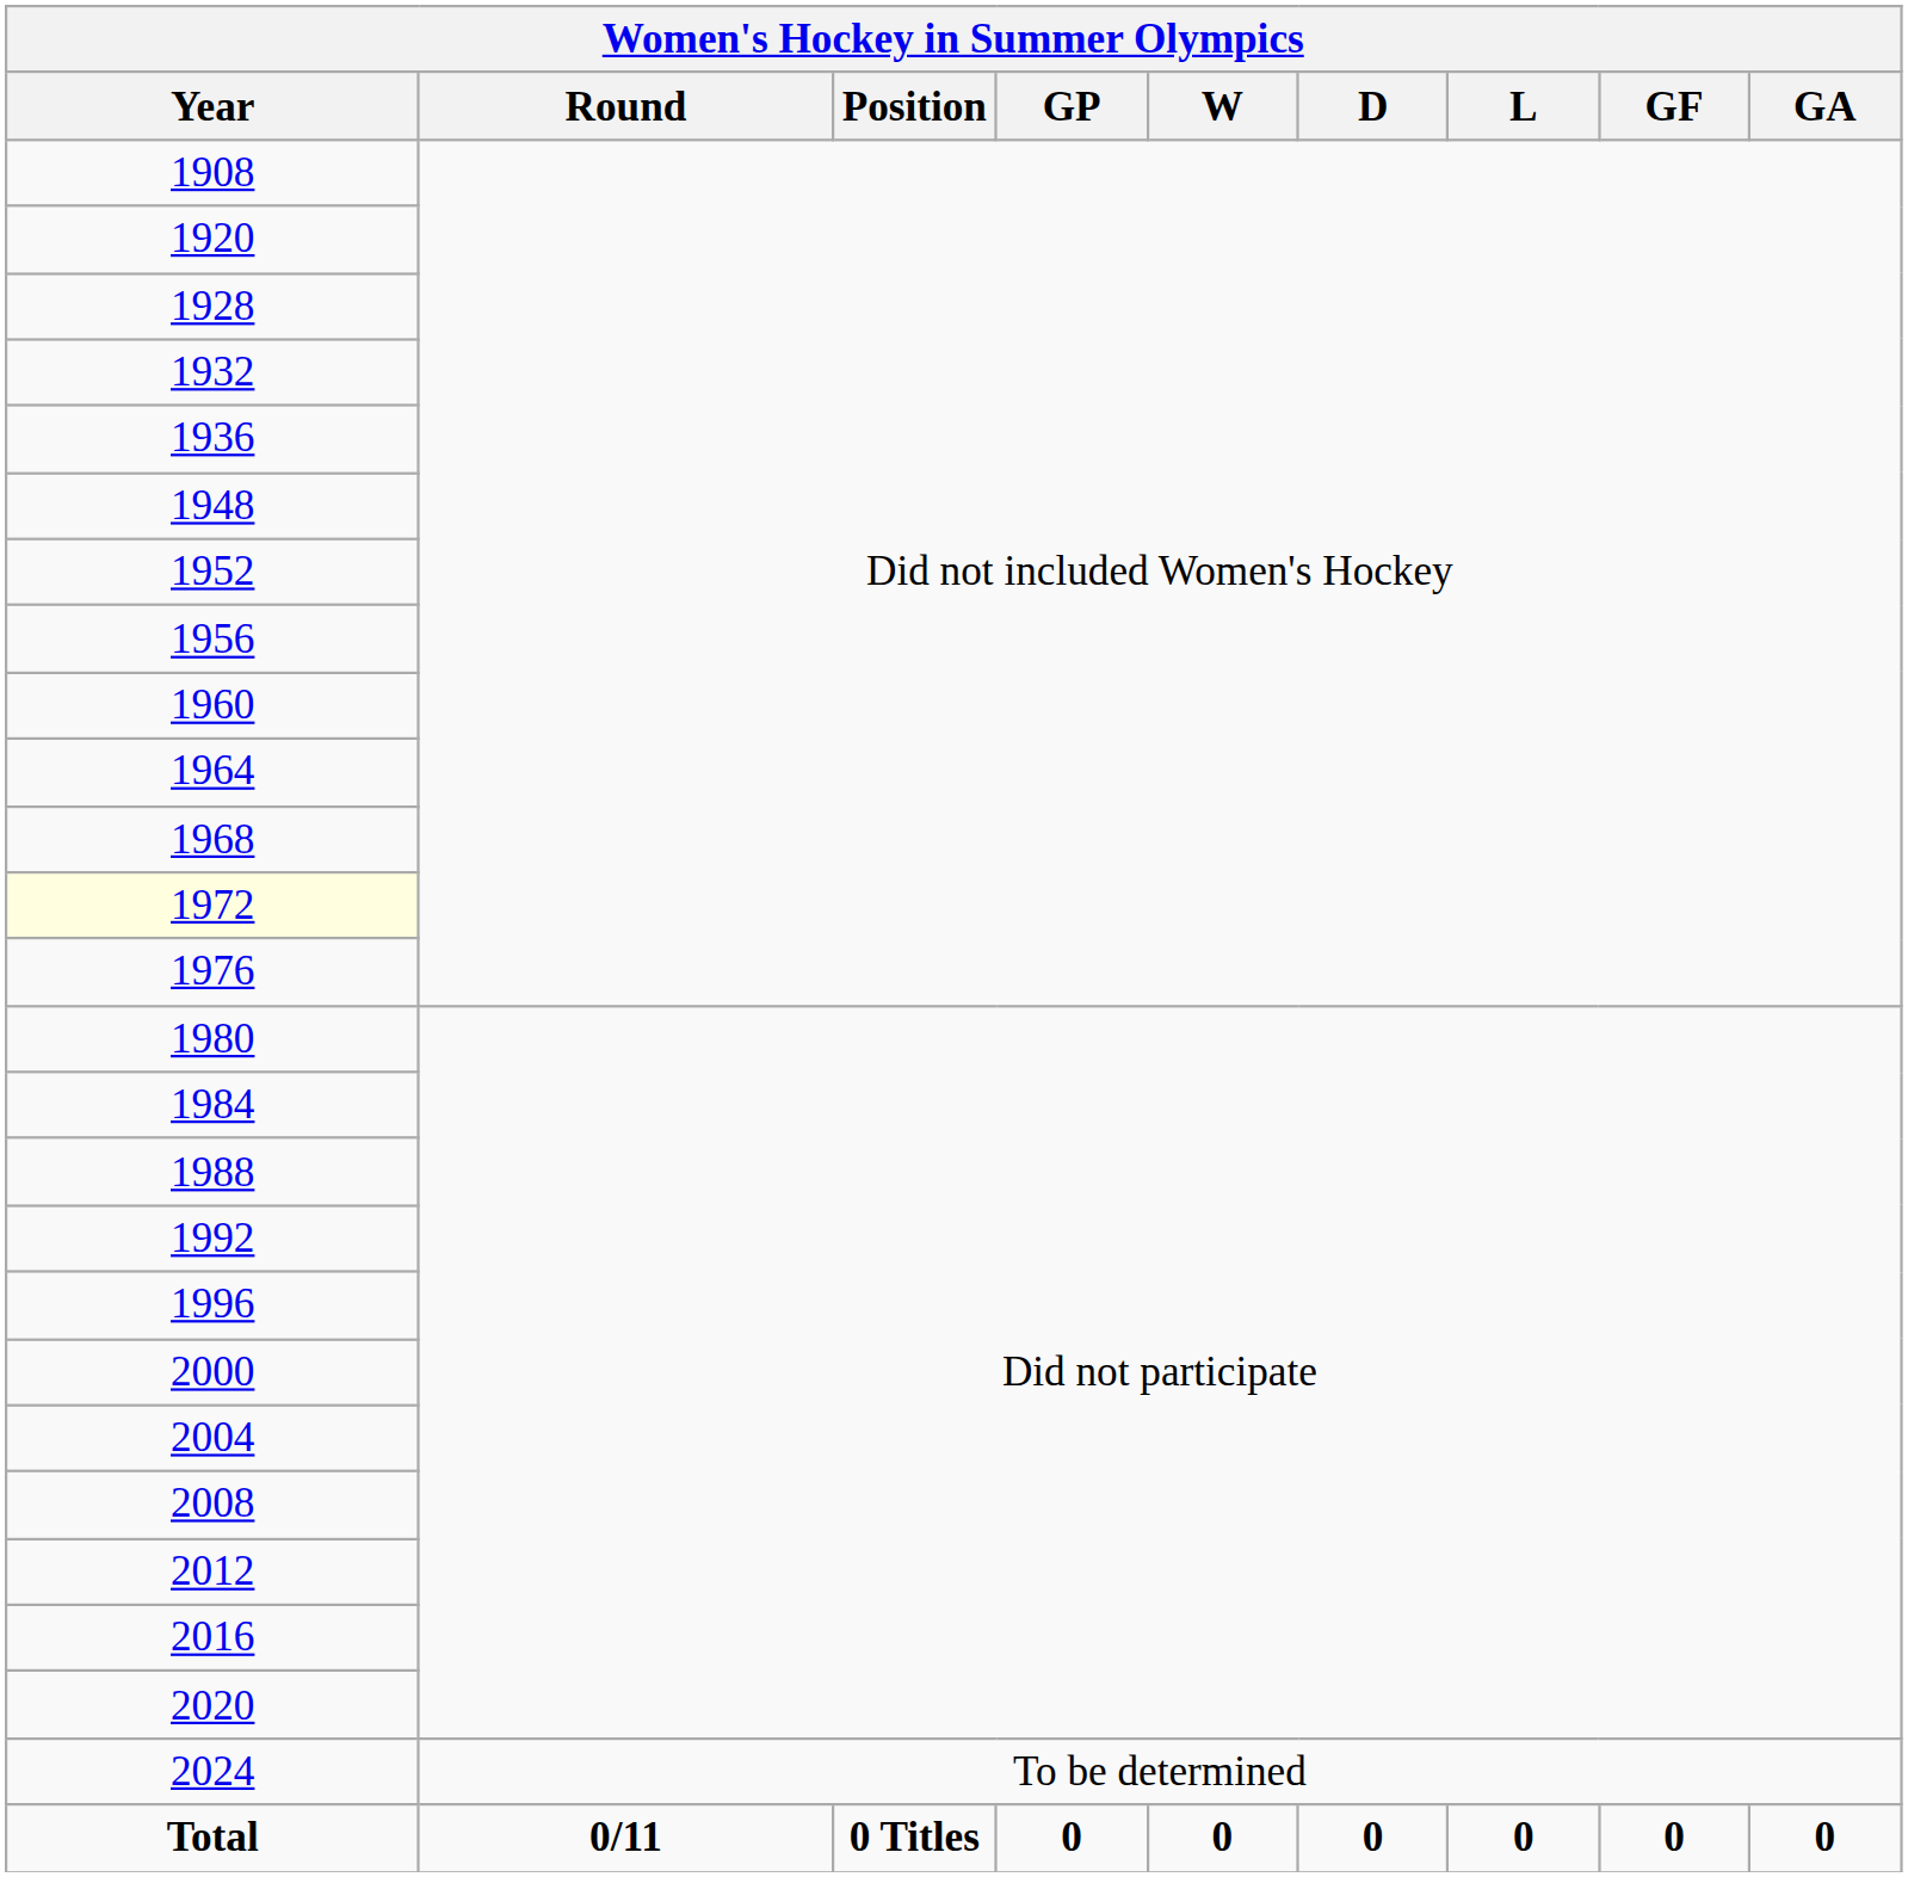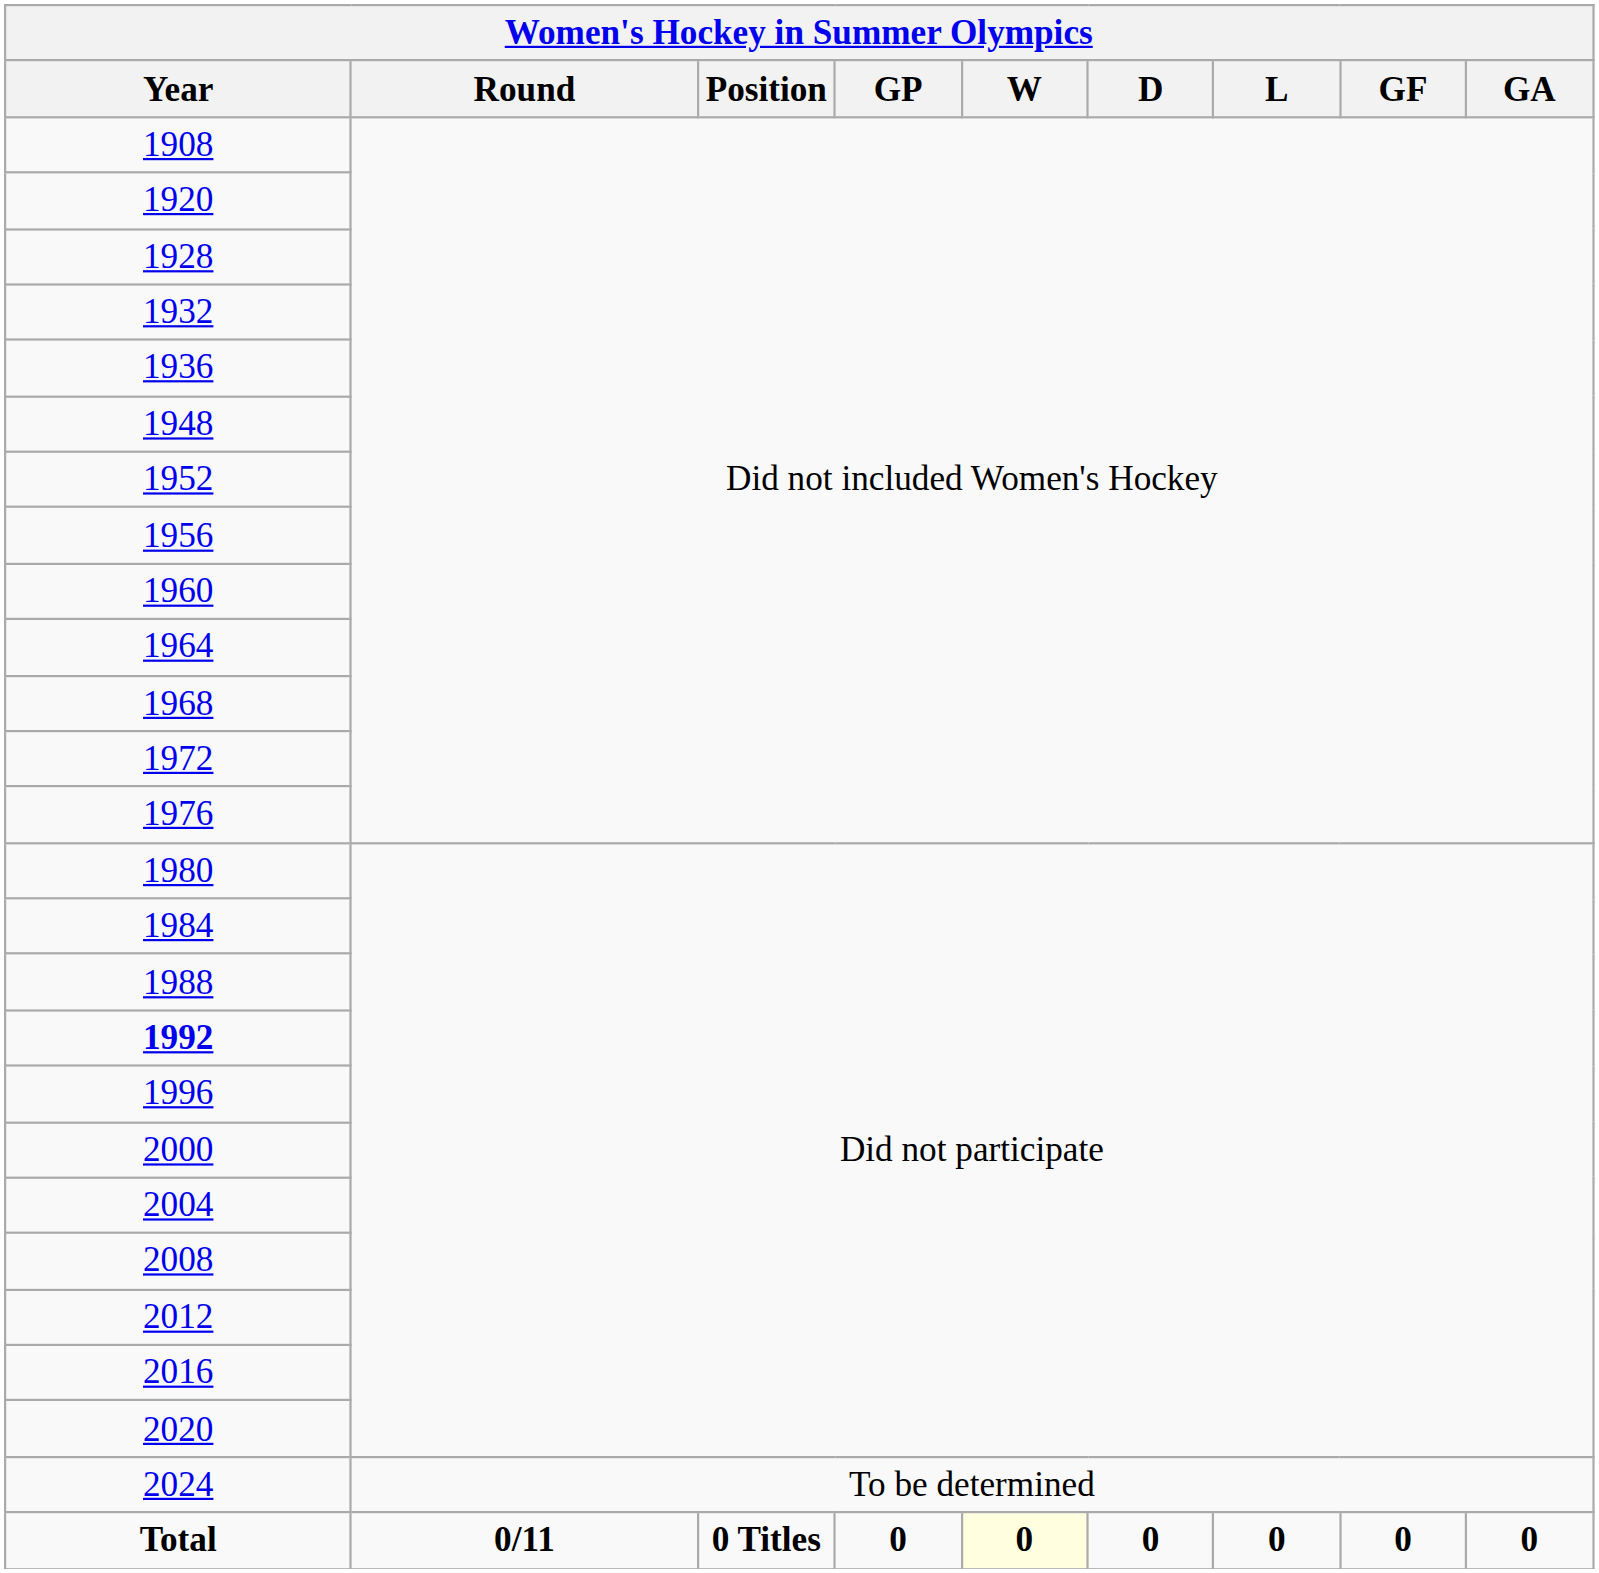 <table class="wikitable" style="text-align: center;">
 <tr>
 <th colspan=9><a href='#'>Women's Hockey in Summer Olympics</a></th>
 </tr>
 <tr>
 <th width=150>Year</th>
 <th width=150>Round</th>
 <th width=50>Position</th>
 <th width=50>GP</th>
 <th width=50>W</th>
 <th width=50>D</th>
 <th width=50>L</th>
 <th width=50>GF</th>
 <th width=50>GA</th>
 </tr>
 <tr>
 <td> <a href='#'>1908</a></td>
 <td colspan=9  rowspan=13>Did not included Women's Hockey</td>
 </tr>
 <tr>
 <td> <a href='#'>1920</a></td>
 </tr>
 <tr>
 <td> <a href='#'>1928</a></td>
 </tr>
 <tr>
 <td> <a href='#'>1932</a></td>
 </tr>
 <tr>
 <td> <a href='#'>1936</a></td>
 </tr>
 <tr>
 <td> <a href='#'>1948</a></td>
 </tr>
 <tr>
 <td> <a href='#'>1952</a></td>
 </tr>
 <tr>
 <td> <a href='#'>1956</a></td>
 </tr>
 <tr>
 <td> <a href='#'>1960</a></td>
 </tr>
 <tr>
 <td> <a href='#'>1964</a></td>
 </tr>
 <tr>
 <td> <a href='#'>1968</a></td>
 </tr>
 <tr>
-<td style="background: lightyellow;"> <a href='#'>1972</a></td>
+<td> <a href='#'>1972</a></td>
 </tr>
 <tr>
 <td> <a href='#'>1976</a></td>
 </tr>
 <tr>
 <td> <a href='#'>1980</a></td>
 <td colspan=9 rowspan=11>Did not  participate</td>
 </tr>
 <tr>
 <td> <a href='#'>1984</a></td>
 </tr>
 <tr>
 <td> <a href='#'>1988</a></td>
 </tr>
 <tr>
-<td> <a href='#'>1992</a></td>
+<td><strong> <a href='#'>1992</a></strong></td>
 </tr>
 <tr>
 <td> <a href='#'>1996</a></td>
 </tr>
 <tr>
 <td> <a href='#'>2000</a></td>
 </tr>
 <tr>
 <td> <a href='#'>2004</a></td>
 </tr>
 <tr>
 <td> <a href='#'>2008</a></td>
 </tr>
 <tr>
 <td> <a href='#'>2012</a></td>
 </tr>
 <tr>
 <td> <a href='#'>2016</a></td>
 </tr>
 <tr>
 <td> <a href='#'>2020</a></td>
 </tr>
 <tr>
 <td> <a href='#'>2024</a></td>
 <td colspan=8>To be determined</td>
 </tr>
 <tr>
 <td><strong>Total</strong></td>
 <td><strong>0/11</strong></td>
 <td><strong>0 Titles</strong></td>
 <td><strong>0</strong></td>
-<td><strong>0</strong></td>
+<td style="background: lightyellow;"><strong>0</strong></td>
 <td><strong>0</strong></td>
 <td><strong>0</strong></td>
 <td><strong>0</strong></td>
 <td><strong>0</strong></td>
 </tr>
 </table>
